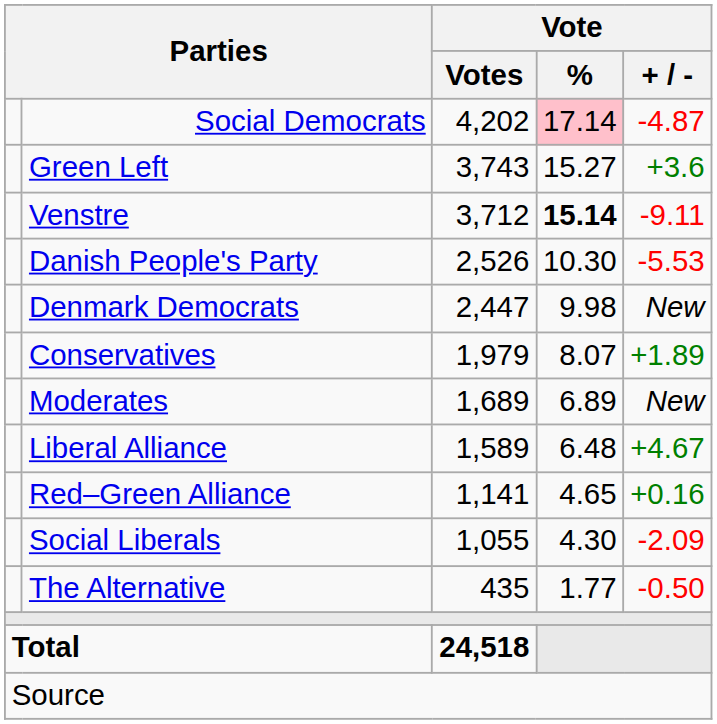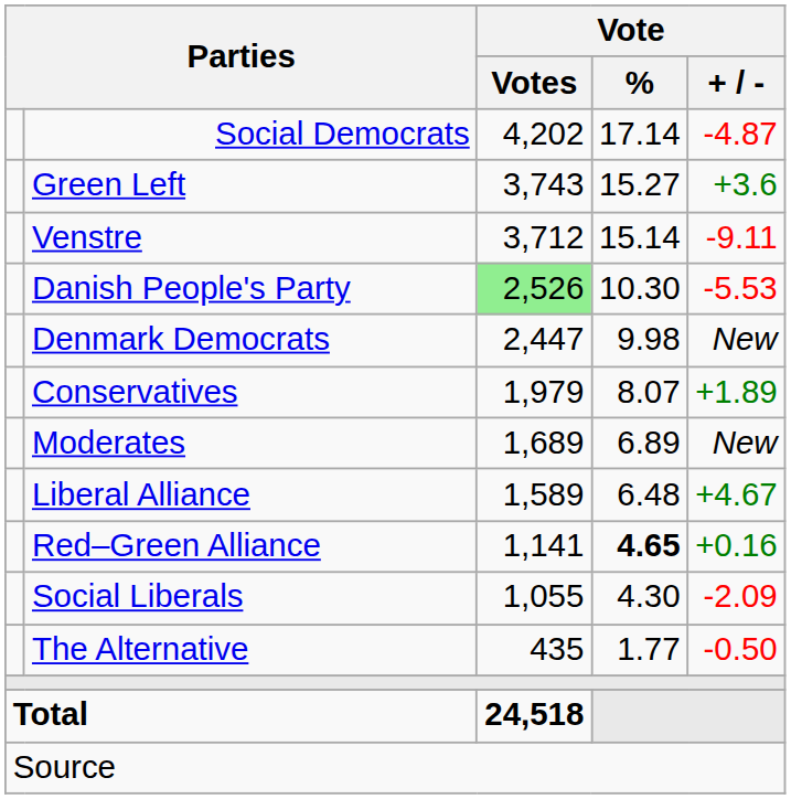 <table class="wikitable" style="text-align:right;">
 <tr>
 <th style="text-align:centre;" rowspan="2" colspan="2" width="225">Parties</th>
 <th colspan="3">Vote</th>
 </tr>
 <tr>
 <th width="15">Votes</th>
 <th width="15">%</th>
 <th width="15">+ / -</th>
 </tr>
 <tr>
 <td width=2 bgcolor=></td>
 <td><a href='#'>Social Democrats</a></td>
 <td>4,202</td>
-<td style="background: pink;">17.14</td>
+<td>17.14</td>
 <td style=color:red;>-4.87</td>
 </tr>
 <tr>
 <td width=2 bgcolor=></td>
 <td align=left><a href='#'>Green Left</a></td>
 <td>3,743</td>
 <td>15.27</td>
 <td style=color:green;>+3.6</td>
 </tr>
 <tr>
 <td width=2 bgcolor=></td>
 <td align=left><a href='#'>Venstre</a></td>
 <td>3,712</td>
-<td><strong>15.14</strong></td>
+<td>15.14</td>
 <td style=color:red;>-9.11</td>
 </tr>
 <tr>
 <td width=2 bgcolor=></td>
 <td align=left><a href='#'>Danish People's Party</a></td>
-<td>2,526</td>
+<td style="background: lightgreen;">2,526</td>
 <td>10.30</td>
 <td style=color:red;>-5.53</td>
 </tr>
 <tr>
 <td width=2 bgcolor=></td>
 <td align=left><a href='#'>Denmark Democrats</a></td>
 <td>2,447</td>
 <td>9.98</td>
 <td><em>New</em></td>
 </tr>
 <tr>
 <td width=2 bgcolor=></td>
 <td align=left><a href='#'>Conservatives</a></td>
 <td>1,979</td>
 <td>8.07</td>
 <td style=color:green;>+1.89</td>
 </tr>
 <tr>
 <td width=2 bgcolor=></td>
 <td align=left><a href='#'>Moderates</a></td>
 <td>1,689</td>
 <td>6.89</td>
 <td><em>New</em></td>
 </tr>
 <tr>
 <td width=2 bgcolor=></td>
 <td align=left><a href='#'>Liberal Alliance</a></td>
 <td>1,589</td>
 <td>6.48</td>
 <td style=color:green;>+4.67</td>
 </tr>
 <tr>
 <td width=2 bgcolor=></td>
 <td align=left><a href='#'>Red–Green Alliance</a></td>
 <td>1,141</td>
-<td>4.65</td>
+<td><strong>4.65</strong></td>
 <td style=color:green;>+0.16</td>
 </tr>
 <tr>
 <td width=2 bgcolor=></td>
 <td align=left><a href='#'>Social Liberals</a></td>
 <td>1,055</td>
 <td>4.30</td>
 <td style=color:red;>-2.09</td>
 </tr>
 <tr>
 <td width=2 bgcolor=></td>
 <td align=left><a href='#'>The Alternative</a></td>
 <td>435</td>
 <td>1.77</td>
 <td style=color:red;>-0.50</td>
 </tr>
 <tr>
 <td colspan="7" bgcolor="#E9E9E9"></td>
 </tr>
 <tr>
 <td align="left" colspan="2"><strong>Total</strong></td>
 <td><strong>24,518</strong></td>
 <td bgcolor=#E9E9E9 colspan=2></td>
 </tr>
 <tr>
 <td align="left" colspan="6">Source</td>
 </tr>
 </table>
